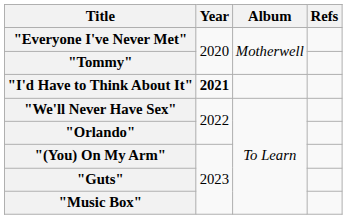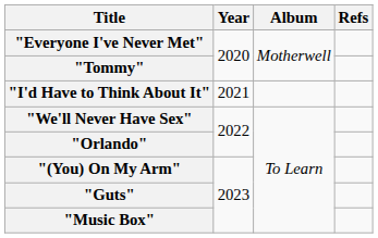 <table class="wikitable plainrowheaders" style="text-align:center;">
 <tr>
 <th>Title</th>
 <th>Year</th>
 <th>Album</th>
 <th>Refs</th>
 </tr>
 <tr>
 <th scope="row">"Everyone I've Never Met"</th>
 <td rowspan="2">2020</td>
 <td rowspan="2"><em>Motherwell</em></td>
 <td></td>
 </tr>
 <tr>
 <th scope="row">"Tommy"</th>
 <td></td>
 </tr>
 <tr>
 <th scope="row">"I'd Have to Think About It"</th>
-<td><strong>2021</strong></td>
+<td>2021</td>
 <td></td>
 <td></td>
 </tr>
 <tr>
 <th scope="row">"We'll Never Have Sex"</th>
 <td rowspan="2">2022</td>
 <td rowspan="5"><em>To Learn</em></td>
 <td></td>
 </tr>
 <tr>
 <th scope="row">"Orlando"</th>
 <td></td>
 </tr>
 <tr>
 <th scope="row">"(You) On My Arm"</th>
 <td rowspan="3">2023</td>
 <td></td>
 </tr>
 <tr>
 <th scope="row">"Guts"</th>
 <td></td>
 </tr>
 <tr>
 <th scope="row">"Music Box"</th>
 <td></td>
 </tr>
 </table>
